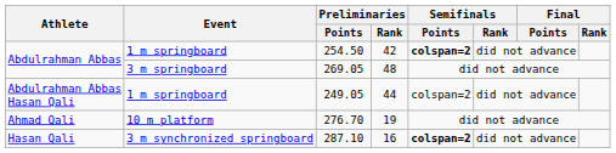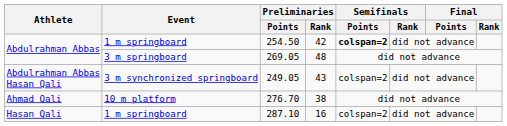 <table class="wikitable" style="text-align:center; font-size:90%">
 <tr>
 <th rowspan=2>Athlete</th>
 <th rowspan=2>Event</th>
 <th colspan=2>Preliminaries</th>
 <th colspan=2>Semifinals</th>
 <th colspan=2>Final</th>
 </tr>
 <tr style="font-size:95%">
 <th>Points</th>
 <th>Rank</th>
 <th>Points</th>
 <th>Rank</th>
 <th>Points</th>
 <th>Rank</th>
 </tr>
 <tr>
 <td rowspan=2 align=left><a href='#'>Abdulrahman Abbas</a></td>
 <td align=left><a href='#'>1 m springboard</a></td>
 <td>254.50</td>
 <td>42</td>
 <td><strong>colspan=2 </strong></td>
 <td colspan=2>did not advance</td>
 </tr>
 <tr>
 <td align=left><a href='#'>3 m springboard</a></td>
 <td>269.05</td>
 <td>48</td>
 <td colspan=4>did not advance</td>
 </tr>
 <tr>
 <td align=left><a href='#'>Abdulrahman Abbas</a><br><a href='#'>Hasan Qali</a></td>
-<td align=left><a href='#'>1 m springboard</a></td>
+<td align=left><a href='#'>3 m synchronized springboard</a></td>
 <td>249.05</td>
-<td>44</td>
+<td>43</td>
 <td>colspan=2 </td>
 <td colspan=2>did not advance</td>
 </tr>
 <tr>
 <td align=left><a href='#'>Ahmad Qali</a></td>
 <td align=left><a href='#'>10 m platform</a></td>
 <td>276.70</td>
-<td>19</td>
+<td>38</td>
 <td colspan=4>did not advance</td>
 </tr>
 <tr>
 <td align=left><a href='#'>Hasan Qali</a></td>
-<td align=left><a href='#'>3 m synchronized springboard</a></td>
+<td align=left><a href='#'>1 m springboard</a></td>
 <td>287.10</td>
 <td>16</td>
-<td><strong>colspan=2 </strong></td>
+<td>colspan=2 </td>
 <td colspan=2>did not advance</td>
 </tr>
 </table>
